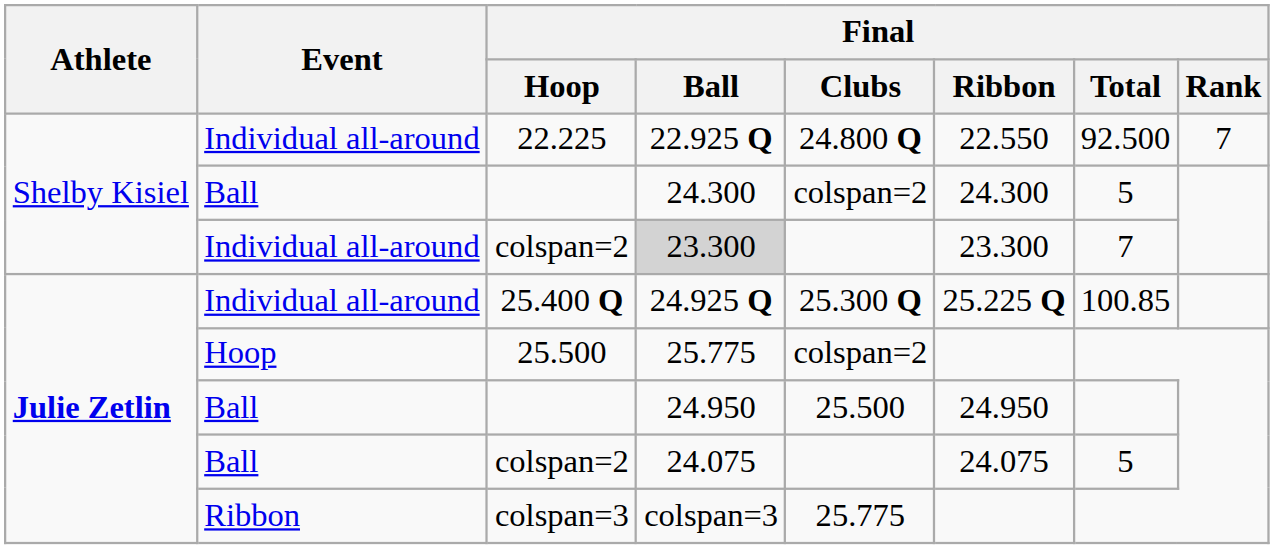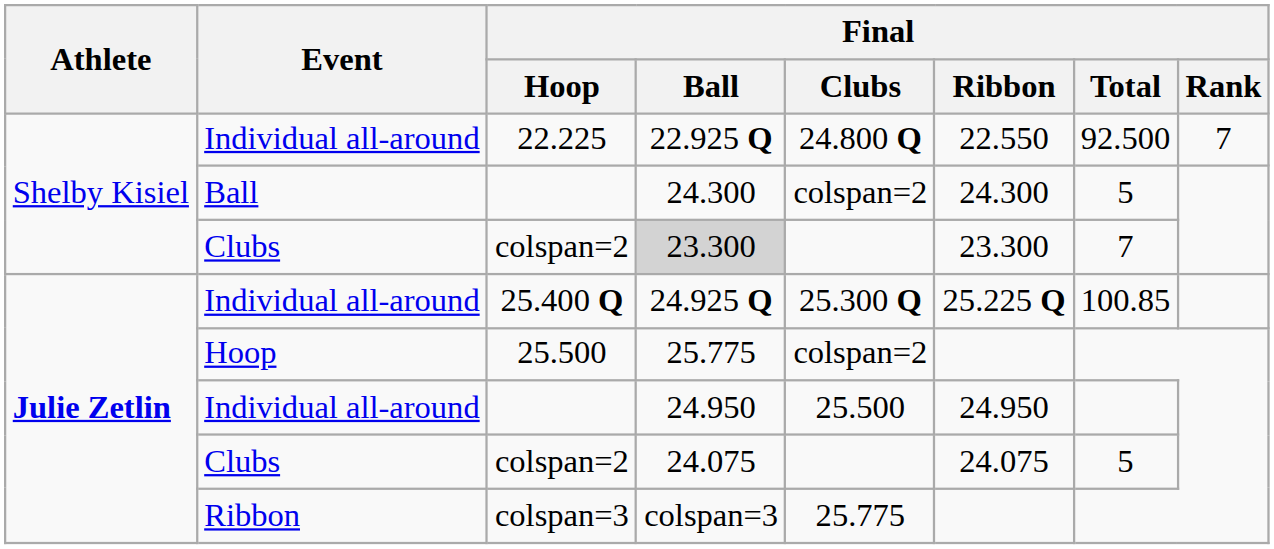 <table class="wikitable" style="font-size:90%">
 <tr>
 <th rowspan=2>Athlete</th>
 <th rowspan=2>Event</th>
 <th colspan=6>Final</th>
 </tr>
 <tr>
 <th>Hoop</th>
 <th>Ball</th>
 <th>Clubs</th>
 <th>Ribbon</th>
 <th>Total</th>
 <th>Rank</th>
 </tr>
 <tr align=center>
 <td align=left rowspan=3><a href='#'>Shelby Kisiel</a></td>
 <td align=left><a href='#'>Individual all-around</a></td>
 <td>22.225</td>
 <td>22.925 <strong>Q</strong></td>
 <td>24.800 <strong>Q</strong></td>
 <td>22.550</td>
 <td>92.500</td>
 <td>7</td>
 </tr>
 <tr align=center>
 <td align=left><a href='#'>Ball</a></td>
 <td></td>
 <td>24.300</td>
 <td>colspan=2 </td>
 <td>24.300</td>
 <td>5</td>
 </tr>
 <tr align=center>
-<td align=left><a href='#'>Individual all-around</a></td>
+<td align=left><a href='#'>Clubs</a></td>
 <td>colspan=2 </td>
 <td style="background: lightgrey;">23.300</td>
 <td></td>
 <td>23.300</td>
 <td>7</td>
 </tr>
 <tr align=center>
 <td align=left rowspan=5><strong><a href='#'>Julie Zetlin</a></strong></td>
 <td align=left><a href='#'>Individual all-around</a></td>
 <td>25.400 <strong>Q</strong></td>
 <td>24.925 <strong>Q</strong></td>
 <td>25.300 <strong>Q</strong></td>
 <td>25.225 <strong>Q</strong></td>
 <td>100.85</td>
 <td></td>
 </tr>
 <tr align=center>
 <td align=left><a href='#'>Hoop</a></td>
 <td>25.500</td>
 <td>25.775</td>
 <td>colspan=2 </td>
 <td></td>
 </tr>
 <tr align=center>
-<td align=left><a href='#'>Ball</a></td>
+<td align=left><a href='#'>Individual all-around</a></td>
 <td></td>
 <td>24.950</td>
 <td>25.500</td>
 <td>24.950</td>
 <td></td>
 </tr>
 <tr align=center>
-<td align=left><a href='#'>Ball</a></td>
+<td align=left><a href='#'>Clubs</a></td>
 <td>colspan=2 </td>
 <td>24.075</td>
 <td></td>
 <td>24.075</td>
 <td>5</td>
 </tr>
 <tr align=center>
 <td align=left><a href='#'>Ribbon</a></td>
 <td>colspan=3 </td>
 <td>colspan=3 </td>
 <td>25.775</td>
 <td></td>
 </tr>
 </table>
